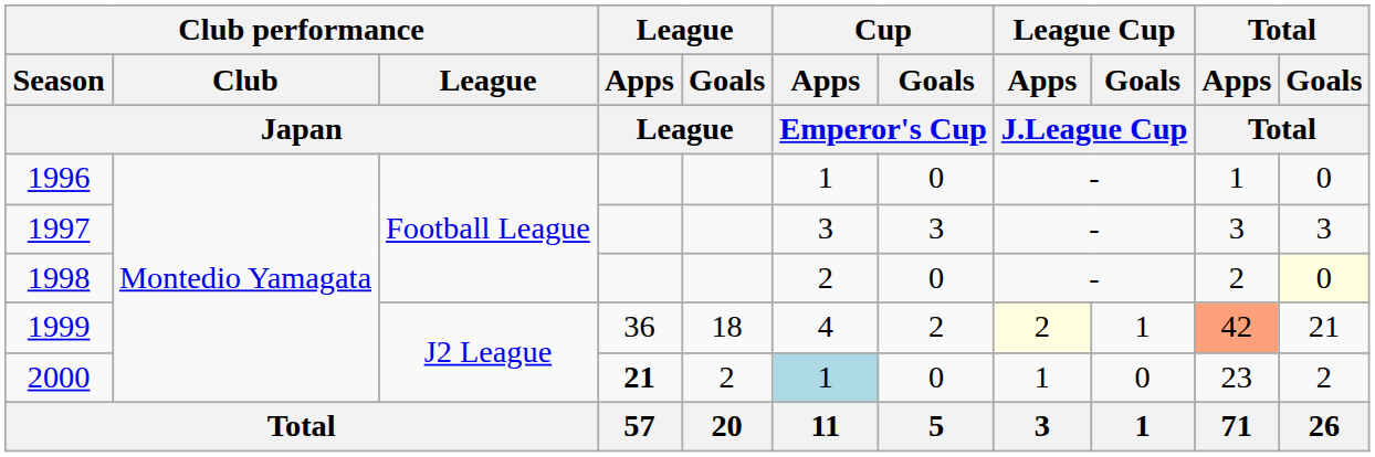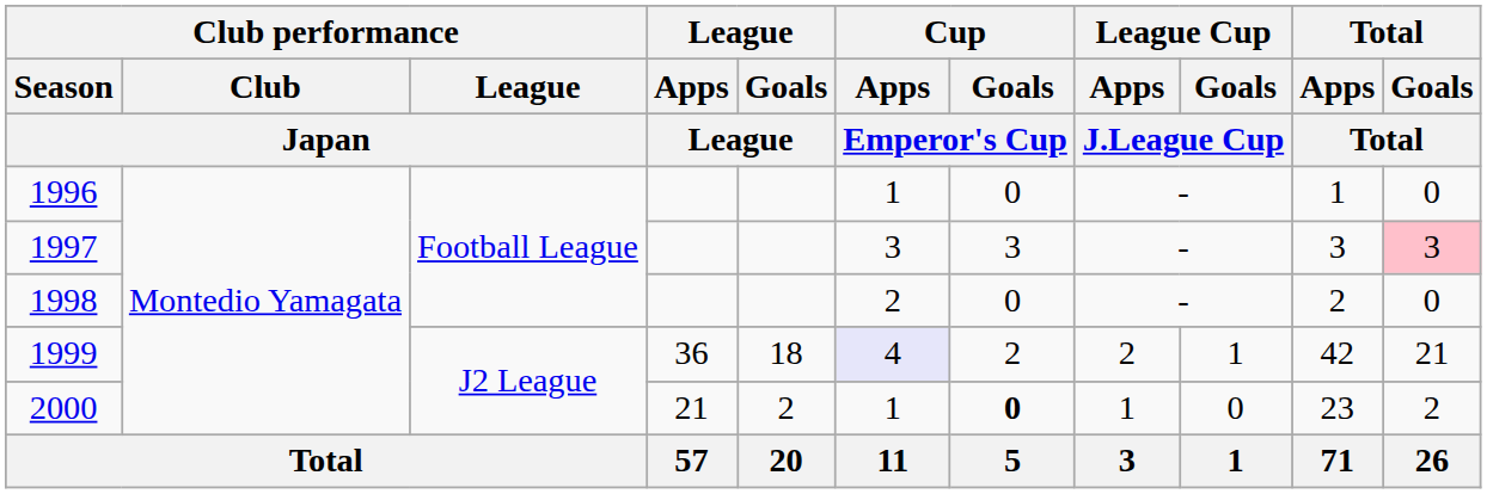 <table class="wikitable" style="text-align:center;">
 <tr>
 <th colspan=3>Club performance</th>
 <th colspan=2>League</th>
 <th colspan=2>Cup</th>
 <th colspan=2>League Cup</th>
 <th colspan=2>Total</th>
 </tr>
 <tr>
 <th>Season</th>
 <th>Club</th>
 <th>League</th>
 <th>Apps</th>
 <th>Goals</th>
 <th>Apps</th>
 <th>Goals</th>
 <th>Apps</th>
 <th>Goals</th>
 <th>Apps</th>
 <th>Goals</th>
 </tr>
 <tr>
 <th colspan=3>Japan</th>
 <th colspan=2>League</th>
 <th colspan=2><a href='#'>Emperor's Cup</a></th>
 <th colspan=2><a href='#'>J.League Cup</a></th>
 <th colspan=2>Total</th>
 </tr>
 <tr>
 <td><a href='#'>1996</a></td>
 <td rowspan="5"><a href='#'>Montedio Yamagata</a></td>
 <td rowspan="3"><a href='#'>Football League</a></td>
 <td></td>
 <td></td>
 <td>1</td>
 <td>0</td>
 <td colspan="2">-</td>
 <td>1</td>
 <td>0</td>
 </tr>
 <tr>
 <td><a href='#'>1997</a></td>
 <td></td>
 <td></td>
 <td>3</td>
 <td>3</td>
 <td colspan="2">-</td>
 <td>3</td>
-<td>3</td>
+<td style="background: pink;">3</td>
 </tr>
 <tr>
 <td><a href='#'>1998</a></td>
 <td></td>
 <td></td>
 <td>2</td>
 <td>0</td>
 <td colspan="2">-</td>
 <td>2</td>
-<td style="background: lightyellow;">0</td>
+<td>0</td>
 </tr>
 <tr>
 <td><a href='#'>1999</a></td>
 <td rowspan="2"><a href='#'>J2 League</a></td>
 <td>36</td>
 <td>18</td>
-<td>4</td>
+<td style="background: lavender;">4</td>
 <td>2</td>
-<td style="background: lightyellow;">2</td>
+<td>2</td>
 <td>1</td>
-<td style="background: lightsalmon;">42</td>
+<td>42</td>
 <td>21</td>
 </tr>
 <tr>
 <td><a href='#'>2000</a></td>
-<td><strong>21</strong></td>
+<td>21</td>
 <td>2</td>
-<td style="background: lightblue;">1</td>
-<td>0</td>
+<td>1</td>
+<td><strong>0</strong></td>
 <td>1</td>
 <td>0</td>
 <td>23</td>
 <td>2</td>
 </tr>
 <tr>
 <th colspan=3>Total</th>
 <th>57</th>
 <th>20</th>
 <th>11</th>
 <th>5</th>
 <th>3</th>
 <th>1</th>
 <th>71</th>
 <th>26</th>
 </tr>
 </table>
